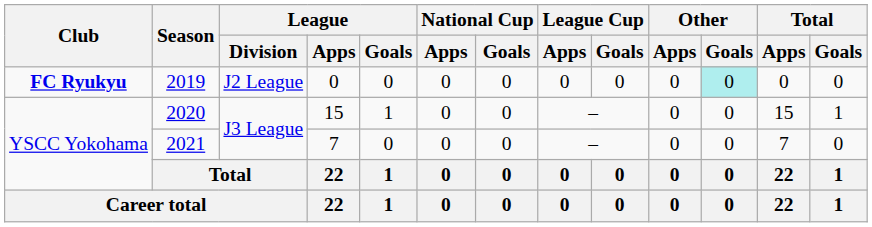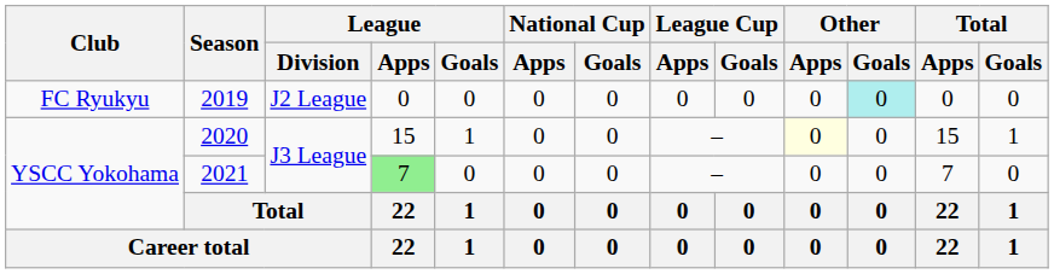 <table class="wikitable" style="text-align: center">
 <tr>
 <th rowspan="2">Club</th>
 <th rowspan="2">Season</th>
 <th colspan="3">League</th>
 <th colspan="2">National Cup</th>
 <th colspan="2">League Cup</th>
 <th colspan="2">Other</th>
 <th colspan="2">Total</th>
 </tr>
 <tr>
 <th>Division</th>
 <th>Apps</th>
 <th>Goals</th>
 <th>Apps</th>
 <th>Goals</th>
 <th>Apps</th>
 <th>Goals</th>
 <th>Apps</th>
 <th>Goals</th>
 <th>Apps</th>
 <th>Goals</th>
 </tr>
 <tr>
-<td><strong><a href='#'>FC Ryukyu</a></strong></td>
+<td><a href='#'>FC Ryukyu</a></td>
 <td><a href='#'>2019</a></td>
 <td><a href='#'>J2 League</a></td>
 <td>0</td>
 <td>0</td>
 <td>0</td>
 <td>0</td>
 <td>0</td>
 <td>0</td>
 <td>0</td>
 <td style="background: paleturquoise;">0</td>
 <td>0</td>
 <td>0</td>
 </tr>
 <tr>
 <td rowspan="3"><a href='#'>YSCC Yokohama</a></td>
 <td><a href='#'>2020</a></td>
 <td rowspan="2"><a href='#'>J3 League</a></td>
 <td>15</td>
 <td>1</td>
 <td>0</td>
 <td>0</td>
 <td colspan="2">–</td>
-<td>0</td>
+<td style="background: lightyellow;">0</td>
 <td>0</td>
 <td>15</td>
 <td>1</td>
 </tr>
 <tr>
 <td><a href='#'>2021</a></td>
-<td>7</td>
+<td style="background: lightgreen;">7</td>
 <td>0</td>
 <td>0</td>
 <td>0</td>
 <td colspan="2">–</td>
 <td>0</td>
 <td>0</td>
 <td>7</td>
 <td>0</td>
 </tr>
 <tr>
 <th colspan=2>Total</th>
 <th>22</th>
 <th>1</th>
 <th>0</th>
 <th>0</th>
 <th>0</th>
 <th>0</th>
 <th>0</th>
 <th>0</th>
 <th>22</th>
 <th>1</th>
 </tr>
 <tr>
 <th colspan=3>Career total</th>
 <th>22</th>
 <th>1</th>
 <th>0</th>
 <th>0</th>
 <th>0</th>
 <th>0</th>
 <th>0</th>
 <th>0</th>
 <th>22</th>
 <th>1</th>
 </tr>
 </table>
